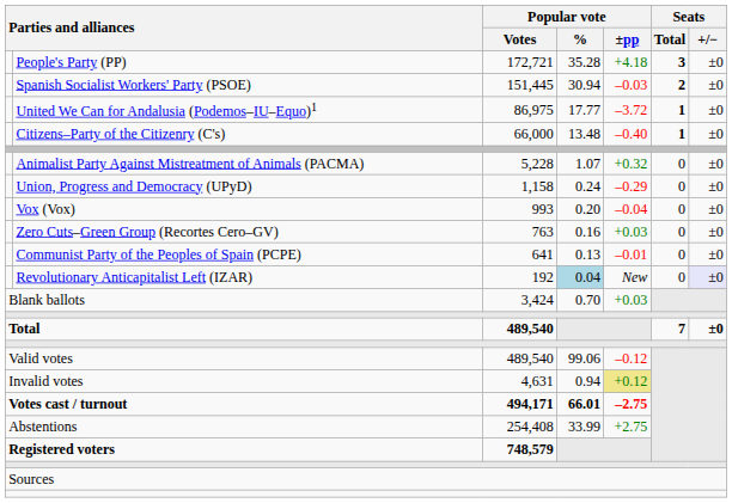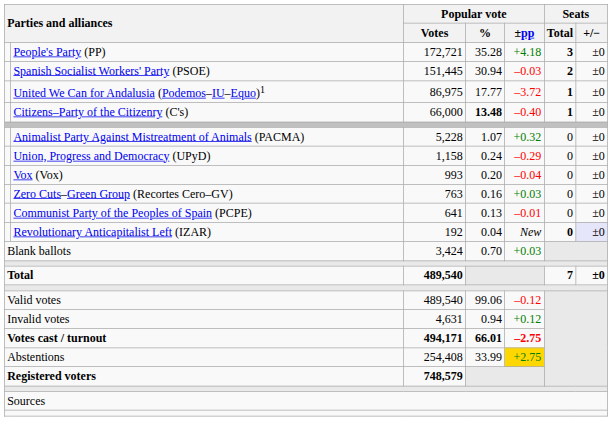 <table class="wikitable" style="text-align:right;">
 <tr>
 <th style="text-align:left;" rowspan="2" colspan="2" width="525">Parties and alliances</th>
 <th colspan="3">Popular vote</th>
 <th colspan="2">Seats</th>
 </tr>
 <tr>
 <th width="75">Votes</th>
 <th width="45">%</th>
 <th width="45">±<a href='#'>pp</a></th>
 <th width="35">Total</th>
 <th width="35">+/−</th>
 </tr>
 <tr>
 <td width="1" style="color:inherit;background:"></td>
 <td align="left"><a href='#'>People's Party</a> (PP)</td>
 <td>172,721</td>
 <td>35.28</td>
 <td style="color:green;">+4.18</td>
 <td><strong>3</strong></td>
 <td>±0</td>
 </tr>
 <tr>
 <td style="color:inherit;background:"></td>
 <td align="left"><a href='#'>Spanish Socialist Workers' Party</a> (PSOE)</td>
 <td>151,445</td>
 <td>30.94</td>
 <td style="color:red;">–0.03</td>
 <td><strong>2</strong></td>
 <td>±0</td>
 </tr>
 <tr>
 <td style="color:inherit;background:"></td>
 <td align="left"><a href='#'>United We Can for Andalusia</a> (<a href='#'>Podemos</a>–<a href='#'>IU</a>–<a href='#'>Equo</a>)<sup>1</sup></td>
 <td>86,975</td>
 <td>17.77</td>
 <td style="color:red;">–3.72</td>
 <td><strong>1</strong></td>
 <td>±0</td>
 </tr>
 <tr>
 <td style="color:inherit;background:"></td>
 <td align="left"><a href='#'>Citizens–Party of the Citizenry</a> (C's)</td>
 <td>66,000</td>
-<td>13.48</td>
+<td><strong>13.48</strong></td>
 <td style="color:red;">–0.40</td>
 <td><strong>1</strong></td>
 <td>±0</td>
 </tr>
 <tr>
 <td colspan="7" bgcolor="#C0C0C0"></td>
 </tr>
 <tr>
 <td style="color:inherit;background:"></td>
 <td align="left"><a href='#'>Animalist Party Against Mistreatment of Animals</a> (PACMA)</td>
 <td>5,228</td>
 <td>1.07</td>
 <td style="color:green;">+0.32</td>
 <td>0</td>
 <td>±0</td>
 </tr>
 <tr>
 <td style="color:inherit;background:"></td>
 <td align="left"><a href='#'>Union, Progress and Democracy</a> (UPyD)</td>
 <td>1,158</td>
 <td>0.24</td>
 <td style="color:red;">–0.29</td>
 <td>0</td>
 <td>±0</td>
 </tr>
 <tr>
 <td style="color:inherit;background:"></td>
 <td align="left"><a href='#'>Vox</a> (Vox)</td>
 <td>993</td>
 <td>0.20</td>
 <td style="color:red;">–0.04</td>
 <td>0</td>
 <td>±0</td>
 </tr>
 <tr>
 <td style="color:inherit;background:"></td>
 <td align="left"><a href='#'>Zero Cuts</a>–<a href='#'>Green Group</a> (Recortes Cero–GV)</td>
 <td>763</td>
 <td>0.16</td>
 <td style="color:green;">+0.03</td>
 <td>0</td>
 <td>±0</td>
 </tr>
 <tr>
 <td style="color:inherit;background:"></td>
 <td align="left"><a href='#'>Communist Party of the Peoples of Spain</a> (PCPE)</td>
 <td>641</td>
 <td>0.13</td>
 <td style="color:red;">–0.01</td>
 <td>0</td>
 <td>±0</td>
 </tr>
 <tr>
 <td style="color:inherit;background:"></td>
 <td align="left"><a href='#'>Revolutionary Anticapitalist Left</a> (IZAR)</td>
 <td>192</td>
-<td style="background: lightblue;">0.04</td>
+<td>0.04</td>
 <td><em>New</em></td>
-<td>0</td>
+<td><strong>0</strong></td>
 <td style="background: lavender;">±0</td>
 </tr>
 <tr>
 <td align="left" colspan="2">Blank ballots</td>
 <td>3,424</td>
 <td>0.70</td>
 <td style="color:green;">+0.03</td>
 <td bgcolor="#E9E9E9" colspan="2"></td>
 </tr>
 <tr>
 <td colspan="7" bgcolor="#E9E9E9"></td>
 </tr>
 <tr style="font-weight:bold;">
 <td align="left" colspan="2">Total</td>
 <td>489,540</td>
 <td bgcolor="#E9E9E9" colspan="2"></td>
 <td>7</td>
 <td>±0</td>
 </tr>
 <tr>
 <td colspan="7" bgcolor="#E9E9E9"></td>
 </tr>
 <tr>
 <td align="left" colspan="2">Valid votes</td>
 <td>489,540</td>
 <td>99.06</td>
 <td style="color:red;">–0.12</td>
 <td bgcolor="#E9E9E9" colspan="2" rowspan="5"></td>
 </tr>
 <tr>
 <td align="left" colspan="2">Invalid votes</td>
 <td>4,631</td>
 <td>0.94</td>
-<td style="background: khaki; color:green;">+0.12</td>
+<td style="color:green;">+0.12</td>
 </tr>
 <tr style="font-weight:bold;">
 <td align="left" colspan="2">Votes cast / turnout</td>
 <td>494,171</td>
 <td>66.01</td>
 <td style="color:red;">–2.75</td>
 </tr>
 <tr>
 <td align="left" colspan="2">Abstentions</td>
 <td>254,408</td>
 <td>33.99</td>
-<td style="color:green;">+2.75</td>
+<td style="background: gold; color:green;">+2.75</td>
 </tr>
 <tr style="font-weight:bold;">
 <td align="left" colspan="2">Registered voters</td>
 <td>748,579</td>
 <td bgcolor="#E9E9E9" colspan="2"></td>
 </tr>
 <tr>
 <td colspan="7" bgcolor="#E9E9E9"></td>
 </tr>
 <tr>
 <td align="left" colspan="7">Sources</td>
 </tr>
 <tr>
 <td colspan="7" style="text-align:left; max-width:790px;"></td>
 </tr>
 </table>
